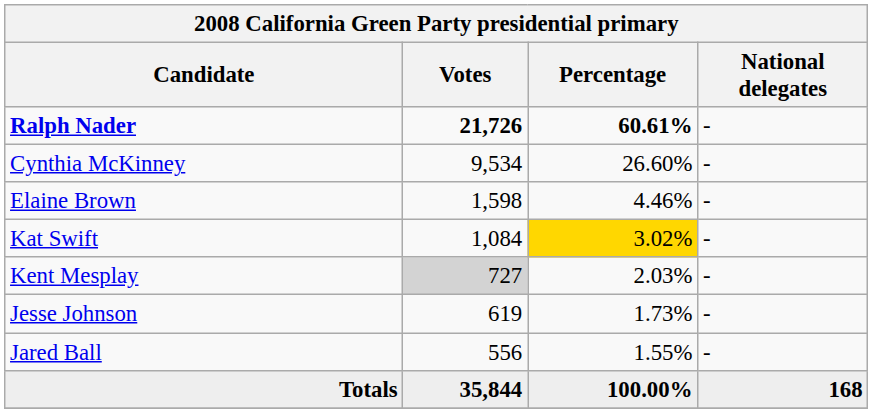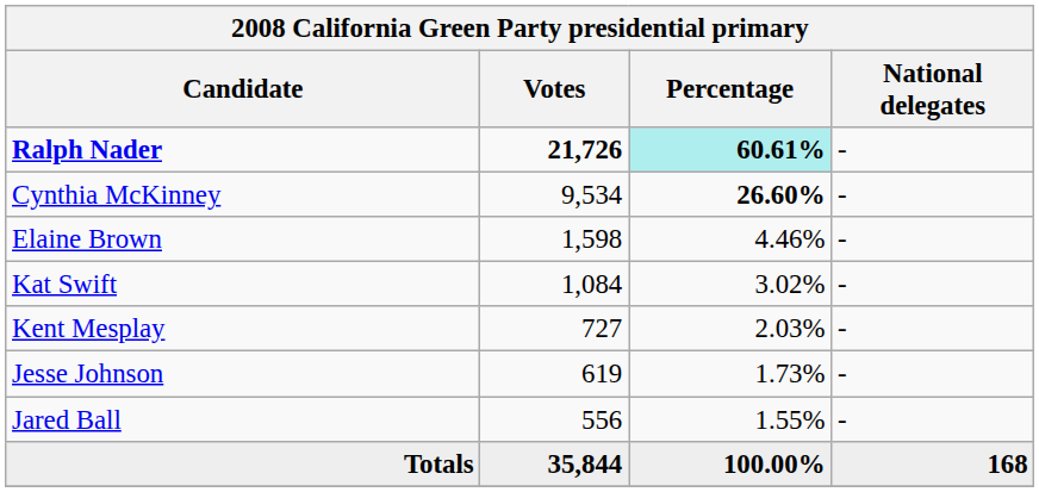 <table class="wikitable" style="font-size: 95%;">
 <tr>
 <th colspan="4">2008 California Green Party presidential primary</th>
 </tr>
 <tr>
 <th style="width: 17em">Candidate</th>
 <th style="width: 5em">Votes</th>
 <th style="width: 7em">Percentage</th>
 <th style="width: 7em">National delegates</th>
 </tr>
 <tr>
 <td><strong><a href='#'>Ralph Nader</a></strong></td>
 <td align="right"><strong>21,726</strong></td>
-<td align="right"><strong>60.61%</strong></td>
+<td align="right" style="background: paleturquoise;"><strong>60.61%</strong></td>
 <td>-</td>
 </tr>
 <tr>
 <td><a href='#'>Cynthia McKinney</a></td>
 <td align="right">9,534</td>
-<td align="right">26.60%</td>
+<td align="right"><strong>26.60%</strong></td>
 <td>-</td>
 </tr>
 <tr>
 <td><a href='#'>Elaine Brown</a></td>
 <td align="right">1,598</td>
 <td align="right">4.46%</td>
 <td>-</td>
 </tr>
 <tr>
 <td><a href='#'>Kat Swift</a></td>
 <td align="right">1,084</td>
-<td align="right" style="background: gold;">3.02%</td>
+<td align="right">3.02%</td>
 <td>-</td>
 </tr>
 <tr>
 <td><a href='#'>Kent Mesplay</a></td>
-<td align="right" style="background: lightgrey;">727</td>
+<td align="right">727</td>
 <td align="right">2.03%</td>
 <td>-</td>
 </tr>
 <tr>
 <td><a href='#'>Jesse Johnson</a></td>
 <td align="right">619</td>
 <td align="right">1.73%</td>
 <td>-</td>
 </tr>
 <tr>
 <td><a href='#'>Jared Ball</a></td>
 <td align="right">556</td>
 <td align="right">1.55%</td>
 <td>-</td>
 </tr>
 <tr bgcolor="#EEEEEE">
 <td align="right"><strong>Totals</strong></td>
 <td align="right"><strong>35,844</strong></td>
 <td align="right"><strong>100.00%</strong></td>
 <td align="right"><strong>168</strong></td>
 </tr>
 <tr>
 </tr>
 </table>
